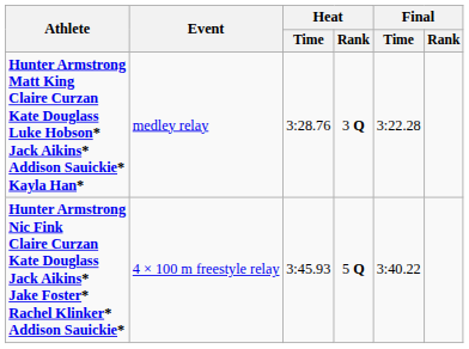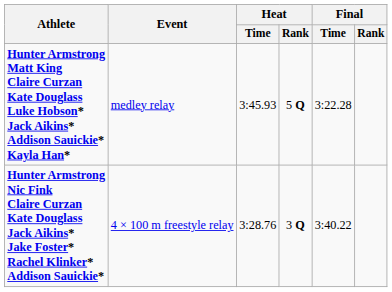 <table class="wikitable" style="text-align:center; font-size:90%;">
 <tr>
 <th rowspan="2">Athlete</th>
 <th rowspan="2">Event</th>
 <th colspan="2">Heat</th>
 <th colspan="2">Final</th>
 </tr>
 <tr style="font-size:95%">
 <th>Time</th>
 <th>Rank</th>
 <th>Time</th>
 <th>Rank</th>
 </tr>
 <tr>
 <td align=left><strong><a href='#'>Hunter Armstrong</a><br><a href='#'>Matt King</a><br><a href='#'>Claire Curzan</a><br><a href='#'>Kate Douglass</a><br><a href='#'>Luke Hobson</a>*<br><a href='#'>Jack Aikins</a>*<br><a href='#'>Addison Sauickie</a>*<br><a href='#'>Kayla Han</a>*</strong></td>
 <td align=left><a href='#'> medley relay</a></td>
-<td>3:28.76</td>
-<td>3 <strong>Q</strong></td>
+<td>3:45.93</td>
+<td>5 <strong>Q</strong></td>
 <td>3:22.28</td>
 <td></td>
 </tr>
 <tr>
 <td align=left><strong><a href='#'>Hunter Armstrong</a><br><a href='#'>Nic Fink</a><br><a href='#'>Claire Curzan</a><br><a href='#'>Kate Douglass</a><br><a href='#'>Jack Aikins</a>*<br><a href='#'>Jake Foster</a>*<br><a href='#'>Rachel Klinker</a>*<br><a href='#'>Addison Sauickie</a>*</strong></td>
 <td align=left><a href='#'>4 × 100 m freestyle relay</a></td>
-<td>3:45.93</td>
-<td>5 <strong>Q</strong></td>
+<td>3:28.76</td>
+<td>3 <strong>Q</strong></td>
 <td>3:40.22</td>
 <td></td>
 </tr>
 </table>
